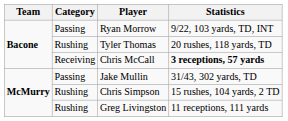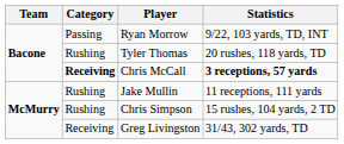 <table class="wikitable" style="float: left;">
 <tr>
 <th>Team</th>
 <th>Category</th>
 <th>Player</th>
 <th>Statistics</th>
 </tr>
 <tr>
 <td rowspan=3><strong>Bacone</strong></td>
 <td>Passing</td>
 <td>Ryan Morrow</td>
 <td>9/22, 103 yards, TD, INT</td>
 </tr>
 <tr>
 <td>Rushing</td>
 <td>Tyler Thomas</td>
 <td>20 rushes, 118 yards, TD</td>
 </tr>
 <tr>
-<td>Receiving</td>
+<td><strong>Receiving</strong></td>
 <td>Chris McCall</td>
 <td><strong>3 receptions, 57 yards</strong></td>
 </tr>
 <tr>
 <td rowspan=3><strong>McMurry</strong></td>
-<td>Passing</td>
+<td>Rushing</td>
 <td>Jake Mullin</td>
-<td>31/43, 302 yards, TD</td>
+<td>11 receptions, 111 yards</td>
 </tr>
 <tr>
 <td>Rushing</td>
 <td>Chris Simpson</td>
 <td>15 rushes, 104 yards, 2 TD</td>
 </tr>
 <tr>
-<td>Rushing</td>
+<td>Receiving</td>
 <td>Greg Livingston</td>
-<td>11 receptions, 111 yards</td>
+<td>31/43, 302 yards, TD</td>
 </tr>
 </table>
